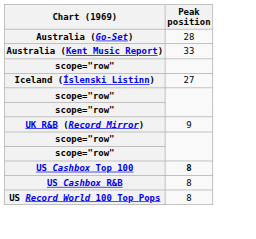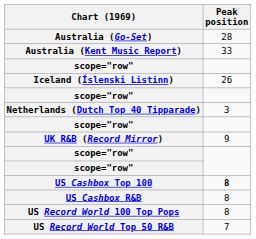 <table class="wikitable sortable plainrowheaders">
 <tr>
 <th scope="col">Chart (1969)</th>
 <th scope="col">Peak<br>position</th>
 </tr>
 <tr>
 <th scope="row">Australia (<em><a href='#'>Go-Set</a></em>)</th>
 <td align="center">28</td>
 </tr>
 <tr>
 <th scope="row">Australia (<a href='#'>Kent Music Report</a>)</th>
 <td align="center">33</td>
 </tr>
 <tr>
 <th>scope="row" </th>
 </tr>
 <tr>
 <th scope="row">Iceland (<a href='#'>Íslenski Listinn</a>)</th>
-<td style="text-align:center;">27</td>
+<td style="text-align:center;">26</td>
 </tr>
 <tr>
 <th>scope="row" </th>
+</tr>
+<tr>
+<th scope="row">Netherlands (<a href='#'>Dutch Top 40 Tipparade</a>)</th>
+<td align="center">3</td>
 </tr>
 <tr>
 <th>scope="row" </th>
 </tr>
 <tr>
 <th scope="row"><a href='#'>UK R&B</a> (<em><a href='#'>Record Mirror</a></em>)</th>
 <td align="center">9</td>
 </tr>
 <tr>
 <th>scope="row" </th>
 </tr>
 <tr>
 <th>scope="row" </th>
 </tr>
 <tr>
 <th scope="row"><a href='#'>US <em>Cashbox</em> Top 100</a></th>
 <td style="text-align:center;"><strong>8</strong></td>
 </tr>
 <tr>
 <th scope="row"><a href='#'>US <em>Cashbox</em> R&B</a></th>
 <td style="text-align:center;">8</td>
 </tr>
 <tr>
 <th scope="row">US <a href='#'><em>Record World</em> 100 Top Pops</a></th>
 <td style="text-align:center;">8</td>
 </tr>
+<tr>
+<th scope="row">US <a href='#'><em>Record World</em> Top 50 R&B</a></th>
+<td style="text-align:center;">7</td>
+</tr>
 </table>
